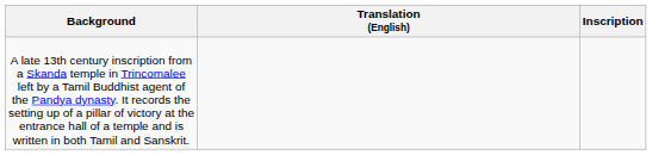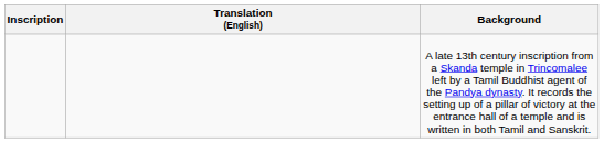 <table class="wikitable centre">
 <tr>
+<th>Inscription<br></th>
+<th>Translation<br><small>(English)</small></th>
 <th scope="col" align=left>Background<br></th>
-<th>Translation<br><small>(English)</small></th>
-<th>Inscription<br></th>
 </tr>
 <tr>
+<td align=center width="10%"><br></td>
+<td align=left><br></td>
 <td align=center width="30%"><br>A late 13th century inscription from a <a href='#'>Skanda</a> temple in <a href='#'>Trincomalee</a> left by a Tamil Buddhist agent of the <a href='#'>Pandya dynasty</a>. It records the setting up of a pillar of victory at the entrance hall of a temple and is written in both Tamil and Sanskrit.</td>
-<td align=left><br></td>
-<td align=center width="10%"><br></td>
 </tr>
 </table>
